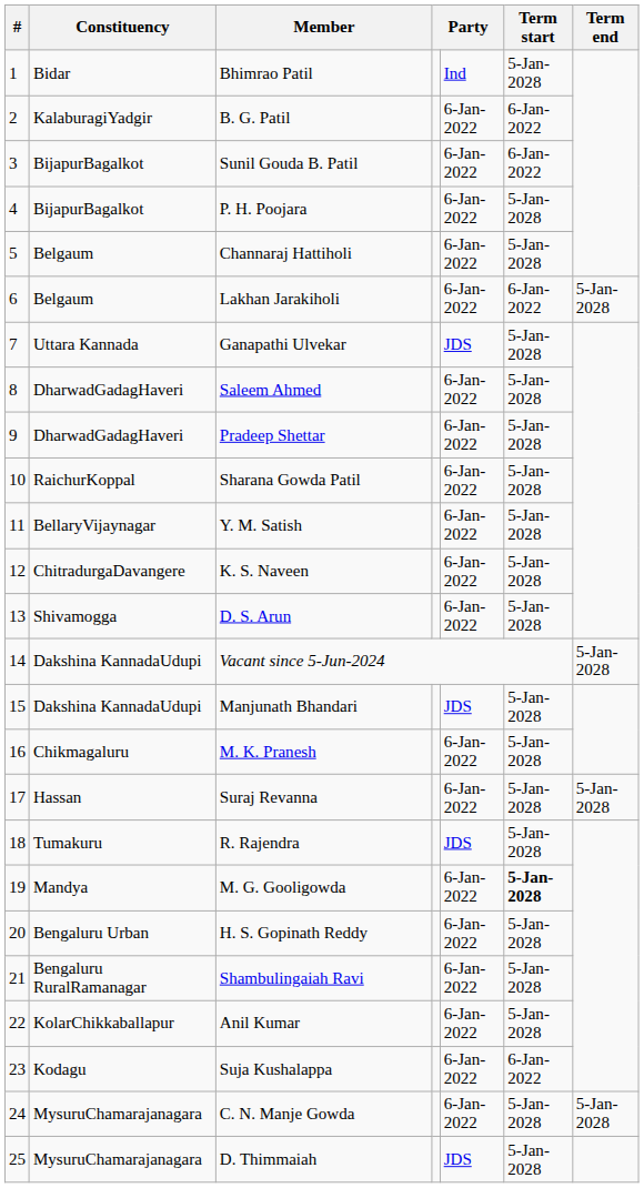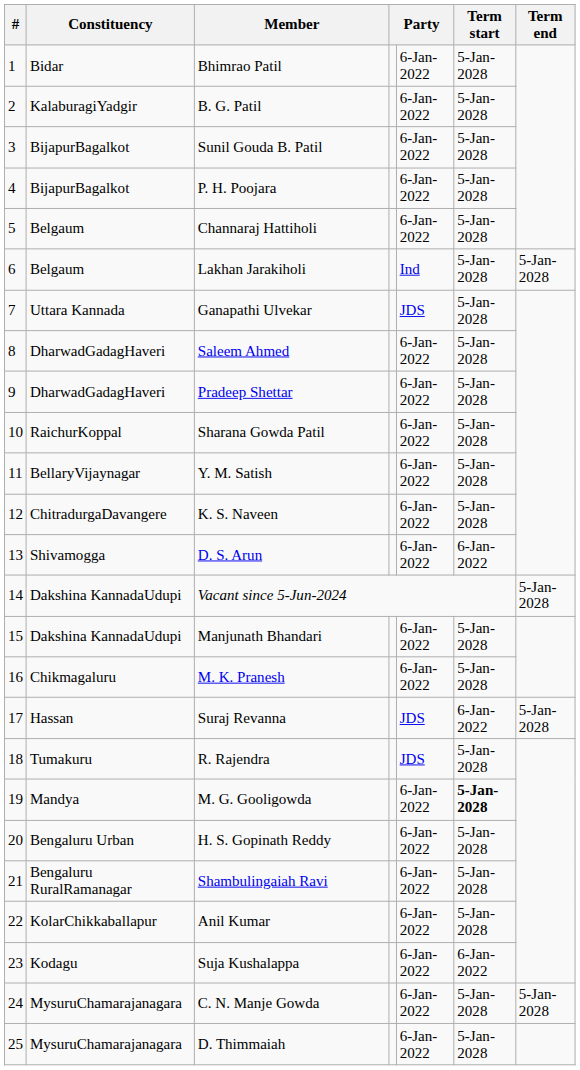 <table class="wikitable sortable">
 <tr>
 <th>#</th>
 <th>Constituency</th>
 <th style="width:200px">Member</th>
 <th colspan="2">Party</th>
 <th>Term start</th>
 <th>Term end</th>
 </tr>
 <tr>
 <td>1</td>
 <td>Bidar</td>
 <td>Bhimrao Patil</td>
 <td></td>
-<td><a href='#'>Ind</a></td>
+<td>6-Jan-2022</td>
 <td>5-Jan-2028</td>
 </tr>
 <tr>
 <td>2</td>
 <td>KalaburagiYadgir</td>
 <td>B. G. Patil</td>
 <td></td>
 <td>6-Jan-2022</td>
-<td>6-Jan-2022</td>
+<td>5-Jan-2028</td>
 </tr>
 <tr>
 <td>3</td>
 <td>BijapurBagalkot</td>
 <td>Sunil Gouda B. Patil</td>
 <td></td>
 <td>6-Jan-2022</td>
-<td>6-Jan-2022</td>
+<td>5-Jan-2028</td>
 </tr>
 <tr>
 <td>4</td>
 <td>BijapurBagalkot</td>
 <td>P. H. Poojara</td>
 <td></td>
 <td>6-Jan-2022</td>
 <td>5-Jan-2028</td>
 </tr>
 <tr>
 <td>5</td>
 <td>Belgaum</td>
 <td>Channaraj Hattiholi</td>
 <td></td>
 <td>6-Jan-2022</td>
 <td>5-Jan-2028</td>
 </tr>
 <tr>
 <td>6</td>
 <td>Belgaum</td>
 <td>Lakhan Jarakiholi</td>
 <td></td>
-<td>6-Jan-2022</td>
-<td>6-Jan-2022</td>
+<td><a href='#'>Ind</a></td>
+<td>5-Jan-2028</td>
 <td>5-Jan-2028</td>
 </tr>
 <tr>
 <td>7</td>
 <td>Uttara Kannada</td>
 <td>Ganapathi Ulvekar</td>
 <td></td>
 <td><a href='#'>JDS</a></td>
 <td>5-Jan-2028</td>
 </tr>
 <tr>
 <td>8</td>
 <td>DharwadGadagHaveri</td>
 <td><a href='#'>Saleem Ahmed</a></td>
 <td></td>
 <td>6-Jan-2022</td>
 <td>5-Jan-2028</td>
 </tr>
 <tr>
 <td>9</td>
 <td>DharwadGadagHaveri</td>
 <td><a href='#'>Pradeep Shettar</a></td>
 <td></td>
 <td>6-Jan-2022</td>
 <td>5-Jan-2028</td>
 </tr>
 <tr>
 <td>10</td>
 <td>RaichurKoppal</td>
 <td>Sharana Gowda Patil</td>
 <td></td>
 <td>6-Jan-2022</td>
 <td>5-Jan-2028</td>
 </tr>
 <tr>
 <td>11</td>
 <td>BellaryVijaynagar</td>
 <td>Y. M. Satish</td>
 <td></td>
 <td>6-Jan-2022</td>
 <td>5-Jan-2028</td>
 </tr>
 <tr>
 <td>12</td>
 <td>ChitradurgaDavangere</td>
 <td>K. S. Naveen</td>
 <td></td>
 <td>6-Jan-2022</td>
 <td>5-Jan-2028</td>
 </tr>
 <tr>
 <td>13</td>
 <td>Shivamogga</td>
 <td><a href='#'>D. S. Arun</a></td>
 <td></td>
 <td>6-Jan-2022</td>
-<td>5-Jan-2028</td>
+<td>6-Jan-2022</td>
 </tr>
 <tr>
 <td>14</td>
 <td>Dakshina KannadaUdupi</td>
 <td colspan="4"><em>Vacant since 5-Jun-2024</em></td>
 <td>5-Jan-2028</td>
 </tr>
 <tr>
 <td>15</td>
 <td>Dakshina KannadaUdupi</td>
 <td>Manjunath Bhandari</td>
 <td></td>
-<td><a href='#'>JDS</a></td>
+<td>6-Jan-2022</td>
 <td>5-Jan-2028</td>
 </tr>
 <tr>
 <td>16</td>
 <td>Chikmagaluru</td>
 <td><a href='#'>M. K. Pranesh</a></td>
 <td></td>
 <td>6-Jan-2022</td>
 <td>5-Jan-2028</td>
 </tr>
 <tr>
 <td>17</td>
 <td>Hassan</td>
 <td>Suraj Revanna</td>
 <td></td>
+<td><a href='#'>JDS</a></td>
 <td>6-Jan-2022</td>
-<td>5-Jan-2028</td>
 <td>5-Jan-2028</td>
 </tr>
 <tr>
 <td>18</td>
 <td>Tumakuru</td>
 <td>R. Rajendra</td>
 <td></td>
 <td><a href='#'>JDS</a></td>
 <td>5-Jan-2028</td>
 </tr>
 <tr>
 <td>19</td>
 <td>Mandya</td>
 <td>M. G. Gooligowda</td>
 <td></td>
 <td>6-Jan-2022</td>
 <td><strong>5-Jan-2028</strong></td>
 </tr>
 <tr>
 <td>20</td>
 <td>Bengaluru Urban</td>
 <td>H. S. Gopinath Reddy</td>
 <td></td>
 <td>6-Jan-2022</td>
 <td>5-Jan-2028</td>
 </tr>
 <tr>
 <td>21</td>
 <td>Bengaluru RuralRamanagar</td>
 <td><a href='#'>Shambulingaiah Ravi</a></td>
 <td></td>
 <td>6-Jan-2022</td>
 <td>5-Jan-2028</td>
 </tr>
 <tr>
 <td>22</td>
 <td>KolarChikkaballapur</td>
 <td>Anil Kumar</td>
 <td></td>
 <td>6-Jan-2022</td>
 <td>5-Jan-2028</td>
 </tr>
 <tr>
 <td>23</td>
 <td>Kodagu</td>
 <td>Suja Kushalappa</td>
 <td></td>
 <td>6-Jan-2022</td>
 <td>6-Jan-2022</td>
 </tr>
 <tr>
 <td>24</td>
 <td>MysuruChamarajanagara</td>
 <td>C. N. Manje Gowda</td>
 <td></td>
 <td>6-Jan-2022</td>
 <td>5-Jan-2028</td>
 <td>5-Jan-2028</td>
 </tr>
 <tr>
 <td>25</td>
 <td>MysuruChamarajanagara</td>
 <td>D. Thimmaiah</td>
 <td></td>
-<td><a href='#'>JDS</a></td>
+<td>6-Jan-2022</td>
 <td>5-Jan-2028</td>
 </tr>
 </table>
